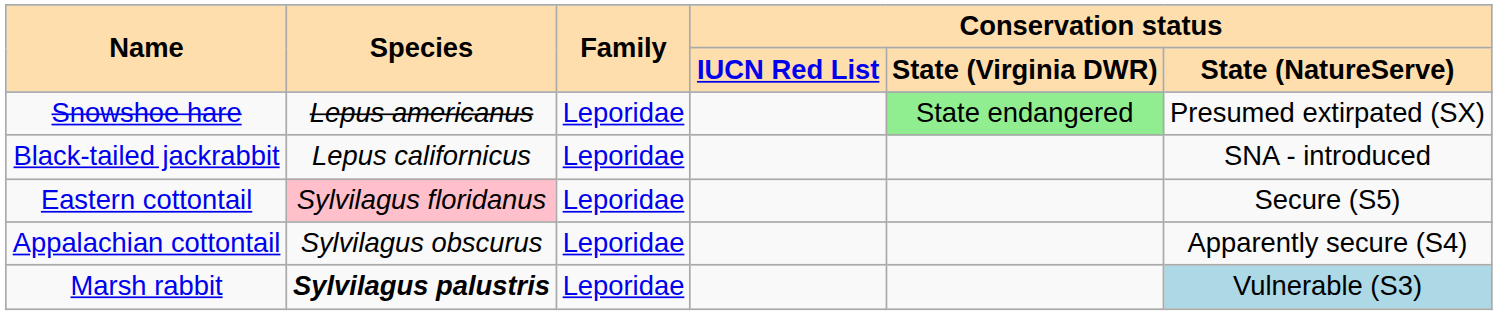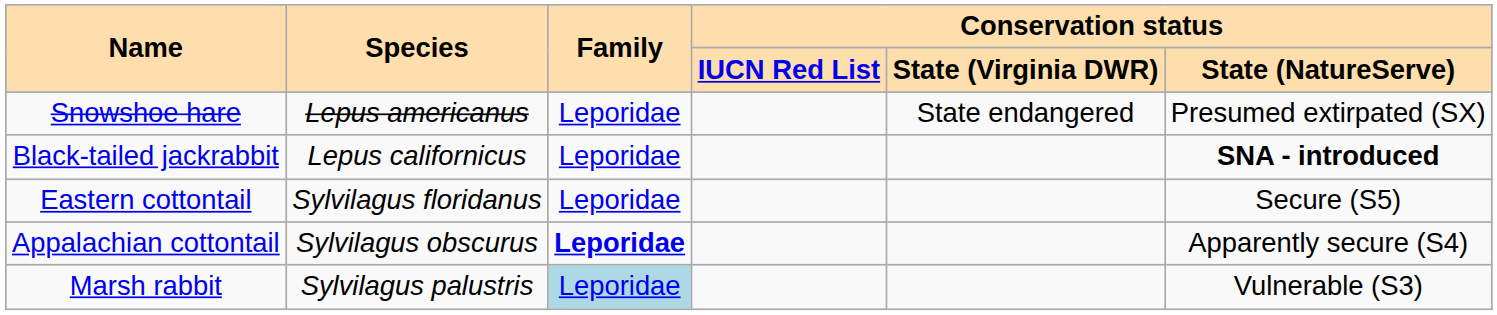 <table class="wikitable" style="margin:1em auto; text-align:center;">
 <tr>
 <th rowspan="2" style="background:navajowhite">Name</th>
 <th rowspan="2" style="background:navajowhite">Species</th>
 <th rowspan="2" style="background:navajowhite">Family</th>
 <th colspan="3" style="background:navajowhite">Conservation status</th>
 </tr>
 <tr>
 <th style="background:navajowhite"><a href='#'>IUCN Red List</a></th>
 <th style="background:navajowhite">State (Virginia DWR)</th>
 <th style="background:navajowhite">State (NatureServe)</th>
 </tr>
 <tr>
 <td><a href='#'><s>Snowshoe hare</s></a></td>
 <td><em><s>Lepus americanus</s></em></td>
 <td><a href='#'>Leporidae</a></td>
 <td></td>
-<td style="background: lightgreen;">State endangered</td>
+<td>State endangered</td>
 <td>Presumed extirpated (SX)</td>
 </tr>
 <tr>
 <td><a href='#'>Black-tailed jackrabbit</a></td>
 <td><em>Lepus californicus</em></td>
 <td><a href='#'>Leporidae</a></td>
 <td></td>
 <td></td>
-<td>SNA - introduced</td>
+<td><strong>SNA - introduced</strong></td>
 </tr>
 <tr>
 <td><a href='#'>Eastern cottontail</a></td>
-<td style="background: pink;"><em>Sylvilagus floridanus</em></td>
+<td><em>Sylvilagus floridanus</em></td>
 <td><a href='#'>Leporidae</a></td>
 <td></td>
 <td></td>
 <td>Secure (S5)</td>
 </tr>
 <tr>
 <td><a href='#'>Appalachian cottontail</a></td>
 <td><em>Sylvilagus obscurus</em></td>
-<td><a href='#'>Leporidae</a></td>
+<td><strong><a href='#'>Leporidae</a></strong></td>
 <td></td>
 <td></td>
 <td>Apparently secure (S4)</td>
 </tr>
 <tr>
 <td><a href='#'>Marsh rabbit</a></td>
-<td><strong><em>Sylvilagus palustris</em></strong></td>
-<td><a href='#'>Leporidae</a></td>
+<td><em>Sylvilagus palustris</em></td>
+<td style="background: lightblue;"><a href='#'>Leporidae</a></td>
 <td></td>
 <td></td>
-<td style="background: lightblue;">Vulnerable (S3)</td>
+<td>Vulnerable (S3)</td>
 </tr>
 </table>
